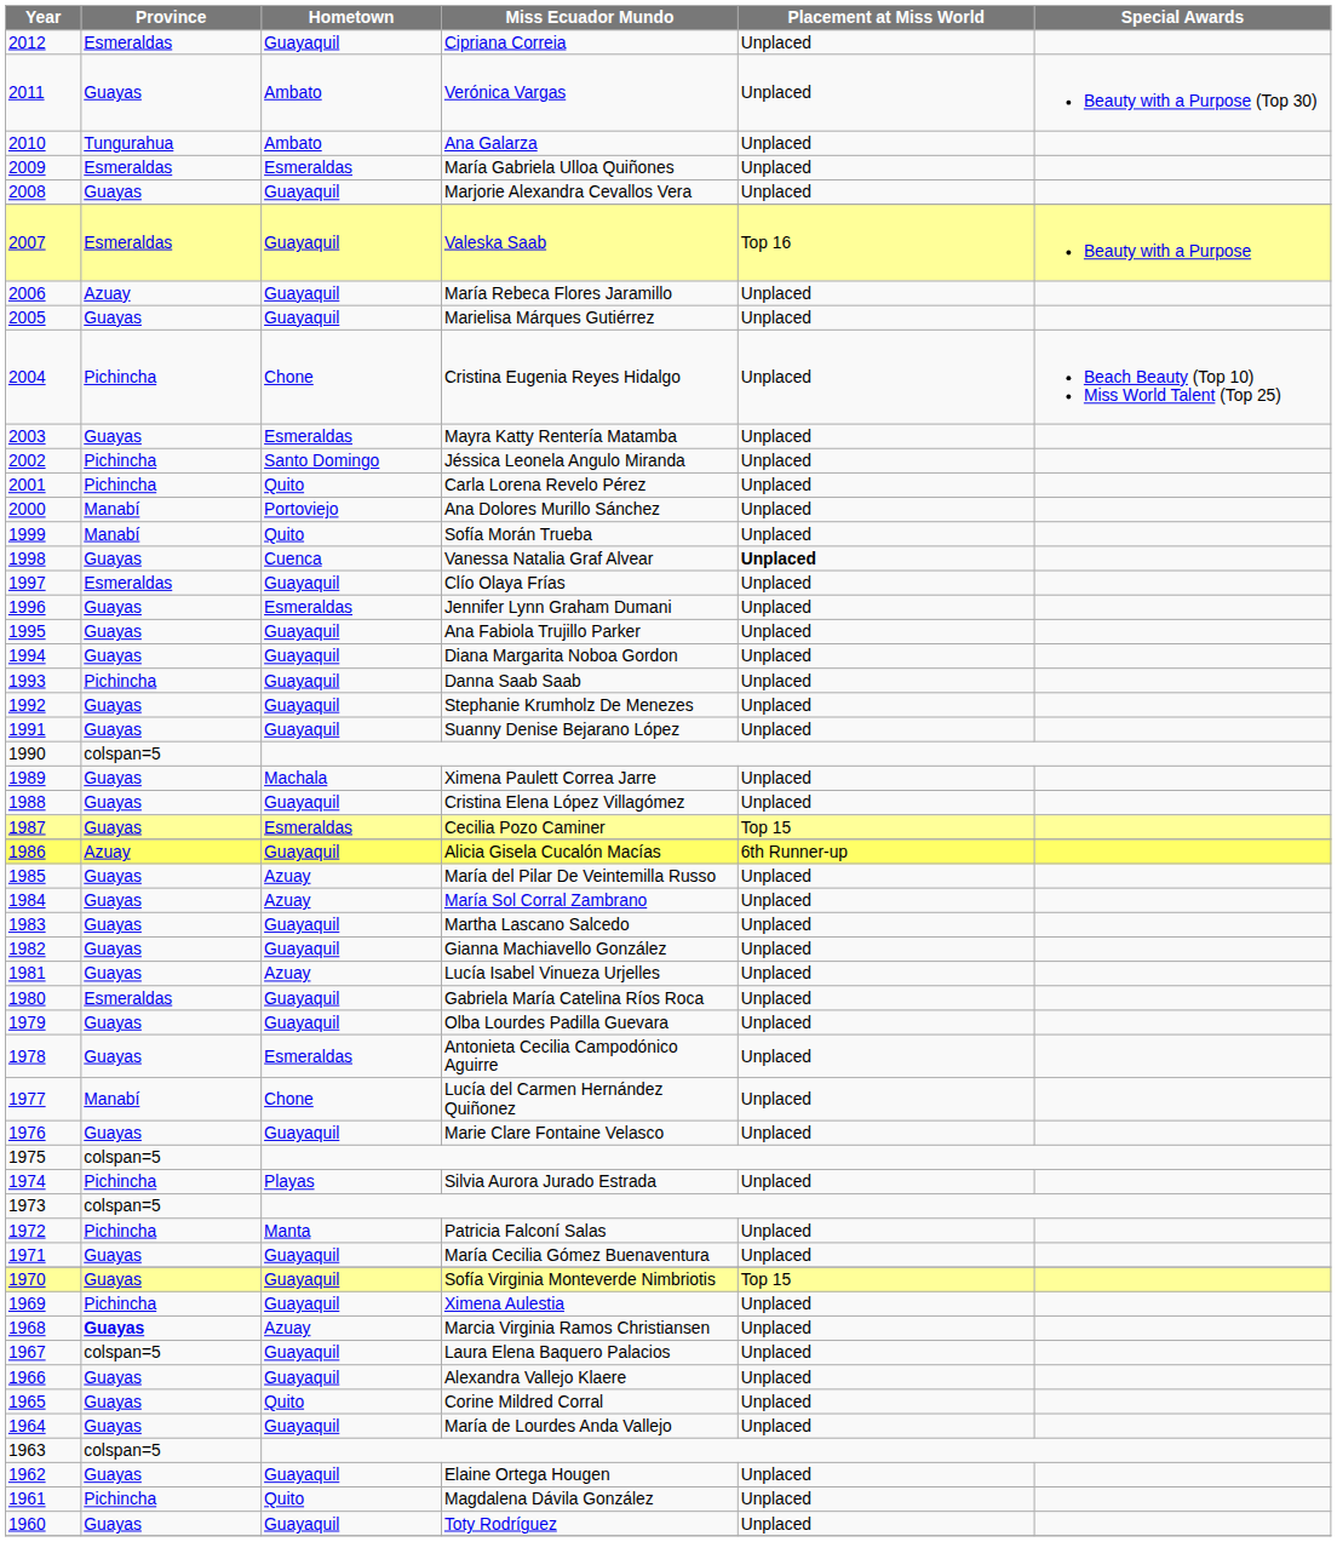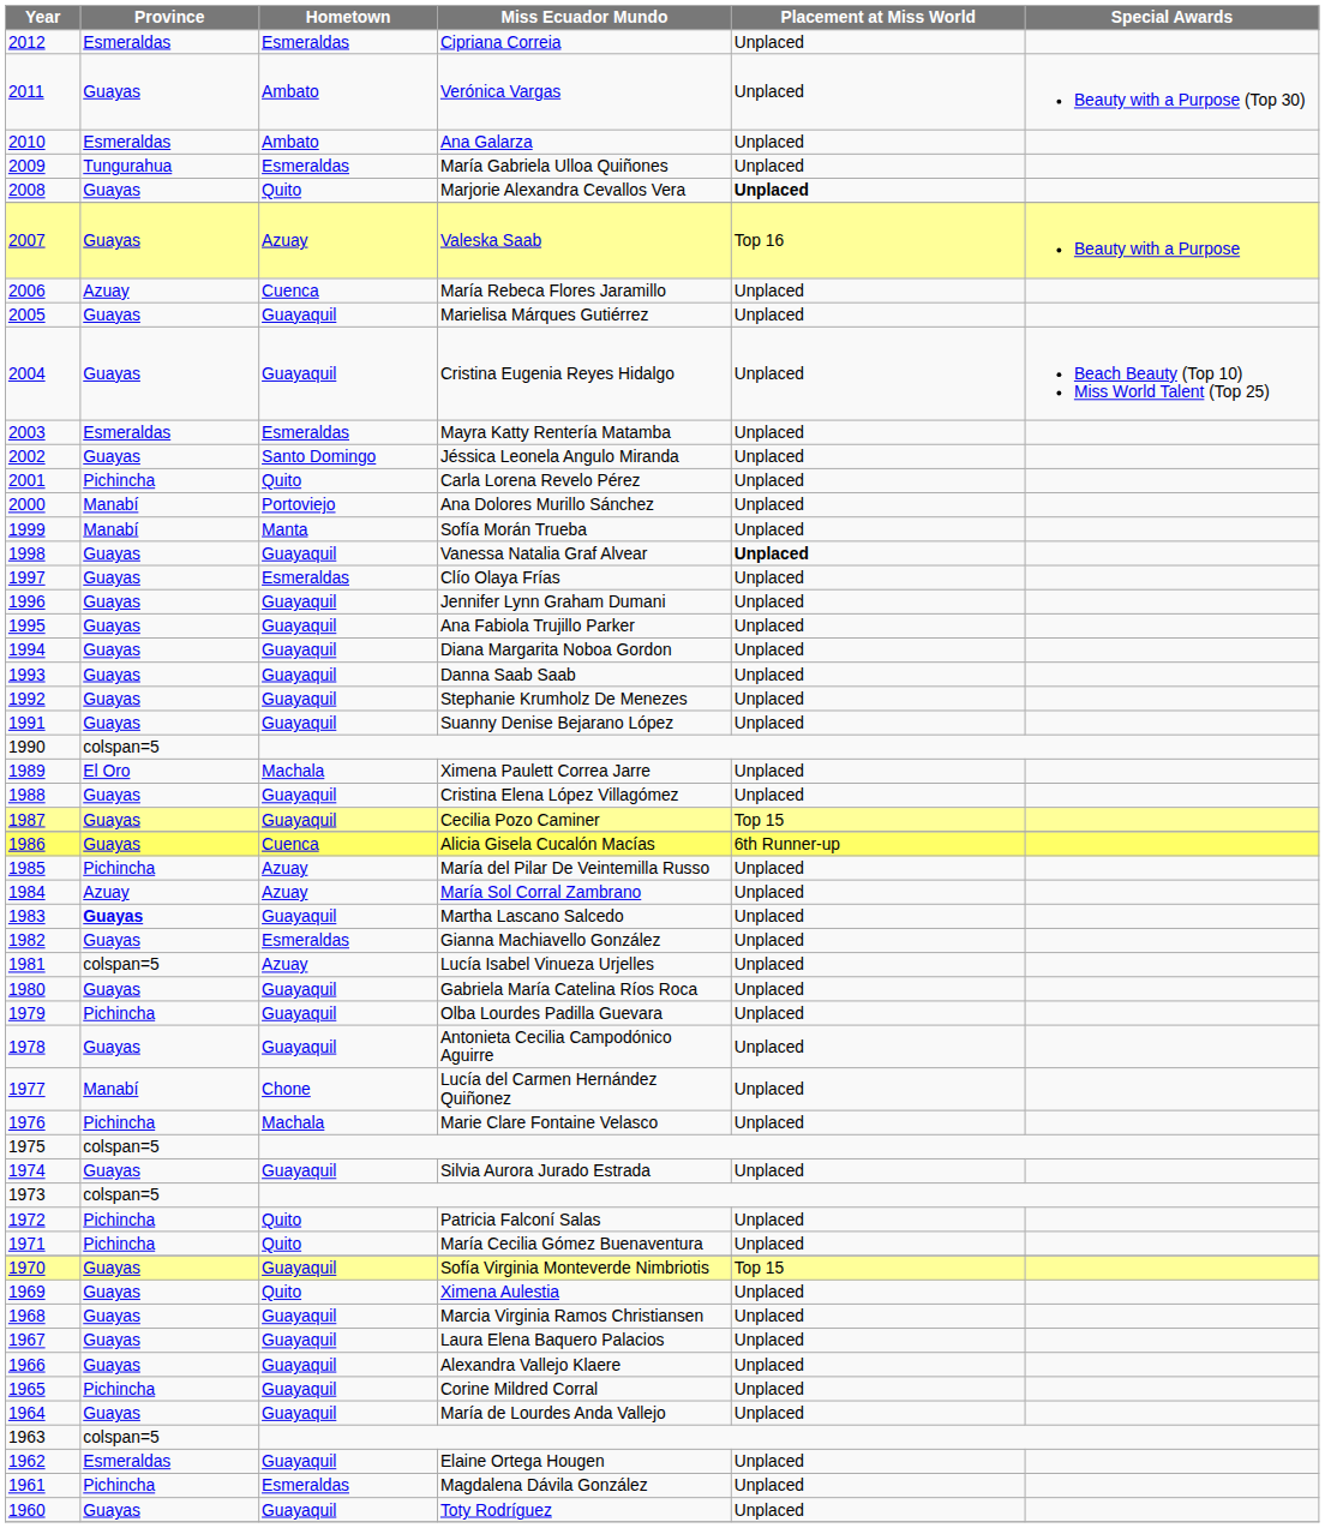 <table class="sortable" border="5" cellpadding="2" cellspacing="0" align=" 0 1em 0 0" style="background: #f9f9f9; border: 1px #aaa solid; border-collapse: collapse; font-size: 90%">
 <tr>
 <th width="60" style="background-color:#787878;color:#FFFFFF;">Year</th>
 <th width="150" style="background-color:#787878;color:#FFFFFF;">Province</th>
 <th width="150" style="background-color:#787878;color:#FFFFFF;">Hometown</th>
 <th width="250" style="background-color:#787878;color:#FFFFFF;">Miss Ecuador Mundo</th>
 <th width="250" style="background-color:#787878;color:#FFFFFF;">Placement at Miss World</th>
 <th width="250" style="background-color:#787878;color:#FFFFFF;">Special Awards</th>
 </tr>
 <tr>
 <td><a href='#'>2012</a></td>
 <td><a href='#'>Esmeraldas</a></td>
-<td><a href='#'>Guayaquil</a></td>
+<td><a href='#'>Esmeraldas</a></td>
 <td><a href='#'>Cipriana Correia</a></td>
 <td>Unplaced</td>
 <td></td>
 </tr>
 <tr>
 <td><a href='#'>2011</a></td>
 <td><a href='#'>Guayas</a></td>
 <td><a href='#'>Ambato</a></td>
 <td><a href='#'>Verónica Vargas</a></td>
 <td>Unplaced</td>
 <td align="left"><br><ul><li><a href='#'>Beauty with a Purpose</a> (Top 30)</li></ul></td>
 </tr>
 <tr>
 <td><a href='#'>2010</a></td>
-<td><a href='#'>Tungurahua</a></td>
+<td><a href='#'>Esmeraldas</a></td>
 <td><a href='#'>Ambato</a></td>
 <td><a href='#'>Ana Galarza</a></td>
 <td>Unplaced</td>
 <td></td>
 </tr>
 <tr>
 <td><a href='#'>2009</a></td>
-<td><a href='#'>Esmeraldas</a></td>
+<td><a href='#'>Tungurahua</a></td>
 <td><a href='#'>Esmeraldas</a></td>
 <td>María Gabriela Ulloa Quiñones</td>
 <td>Unplaced</td>
 <td></td>
 </tr>
 <tr>
 <td><a href='#'>2008</a></td>
 <td><a href='#'>Guayas</a></td>
-<td><a href='#'>Guayaquil</a></td>
+<td><a href='#'>Quito</a></td>
 <td>Marjorie Alexandra Cevallos Vera</td>
-<td>Unplaced</td>
+<td><strong>Unplaced</strong></td>
 <td></td>
 </tr>
 <tr>
 </tr>
 <tr style="background-color:#FFFF99;">
 <td><a href='#'>2007</a></td>
-<td><a href='#'>Esmeraldas</a></td>
-<td><a href='#'>Guayaquil</a></td>
+<td><a href='#'>Guayas</a></td>
+<td><a href='#'>Azuay</a></td>
 <td><a href='#'>Valeska Saab</a></td>
 <td>Top 16</td>
 <td align="left"><br><ul><li><a href='#'>Beauty with a Purpose</a></li></ul></td>
 </tr>
 <tr>
 <td><a href='#'>2006</a></td>
 <td><a href='#'>Azuay</a></td>
-<td><a href='#'>Guayaquil</a></td>
+<td><a href='#'>Cuenca</a></td>
 <td>María Rebeca Flores Jaramillo</td>
 <td>Unplaced</td>
 <td></td>
 </tr>
 <tr>
 <td><a href='#'>2005</a></td>
 <td><a href='#'>Guayas</a></td>
 <td><a href='#'>Guayaquil</a></td>
 <td>Marielisa Márques Gutiérrez</td>
 <td>Unplaced</td>
 <td></td>
 </tr>
 <tr>
 <td><a href='#'>2004</a></td>
-<td><a href='#'>Pichincha</a></td>
-<td><a href='#'>Chone</a></td>
+<td><a href='#'>Guayas</a></td>
+<td><a href='#'>Guayaquil</a></td>
 <td>Cristina Eugenia Reyes Hidalgo</td>
 <td>Unplaced</td>
 <td align="left"><br><ul><li><a href='#'>Beach Beauty</a> (Top 10)</li><li><a href='#'>Miss World Talent</a> (Top 25)</li></ul></td>
 </tr>
 <tr>
 <td><a href='#'>2003</a></td>
-<td><a href='#'>Guayas</a></td>
+<td><a href='#'>Esmeraldas</a></td>
 <td><a href='#'>Esmeraldas</a></td>
 <td>Mayra Katty Rentería Matamba</td>
 <td>Unplaced</td>
 <td></td>
 </tr>
 <tr>
 <td><a href='#'>2002</a></td>
-<td><a href='#'>Pichincha</a></td>
+<td><a href='#'>Guayas</a></td>
 <td><a href='#'>Santo Domingo</a></td>
 <td>Jéssica Leonela Angulo Miranda</td>
 <td>Unplaced</td>
 <td></td>
 </tr>
 <tr>
 <td><a href='#'>2001</a></td>
 <td><a href='#'>Pichincha</a></td>
 <td><a href='#'>Quito</a></td>
 <td>Carla Lorena Revelo Pérez</td>
 <td>Unplaced</td>
 <td></td>
 </tr>
 <tr>
 <td><a href='#'>2000</a></td>
 <td><a href='#'>Manabí</a></td>
 <td><a href='#'>Portoviejo</a></td>
 <td>Ana Dolores Murillo Sánchez</td>
 <td>Unplaced</td>
 <td></td>
 </tr>
 <tr>
 <td><a href='#'>1999</a></td>
 <td><a href='#'>Manabí</a></td>
-<td><a href='#'>Quito</a></td>
+<td><a href='#'>Manta</a></td>
 <td>Sofía Morán Trueba</td>
 <td>Unplaced</td>
 <td></td>
 </tr>
 <tr>
 <td><a href='#'>1998</a></td>
 <td><a href='#'>Guayas</a></td>
-<td><a href='#'>Cuenca</a></td>
+<td><a href='#'>Guayaquil</a></td>
 <td>Vanessa Natalia Graf Alvear</td>
 <td><strong>Unplaced</strong></td>
 <td></td>
 </tr>
 <tr>
 <td><a href='#'>1997</a></td>
+<td><a href='#'>Guayas</a></td>
 <td><a href='#'>Esmeraldas</a></td>
-<td><a href='#'>Guayaquil</a></td>
 <td>Clío Olaya Frías</td>
 <td>Unplaced</td>
 <td></td>
 </tr>
 <tr>
 <td><a href='#'>1996</a></td>
 <td><a href='#'>Guayas</a></td>
-<td><a href='#'>Esmeraldas</a></td>
+<td><a href='#'>Guayaquil</a></td>
 <td>Jennifer Lynn Graham Dumani</td>
 <td>Unplaced</td>
 <td></td>
 </tr>
 <tr>
 <td><a href='#'>1995</a></td>
 <td><a href='#'>Guayas</a></td>
 <td><a href='#'>Guayaquil</a></td>
 <td>Ana Fabiola Trujillo Parker</td>
 <td>Unplaced</td>
 <td></td>
 </tr>
 <tr>
 <td><a href='#'>1994</a></td>
 <td><a href='#'>Guayas</a></td>
 <td><a href='#'>Guayaquil</a></td>
 <td>Diana Margarita Noboa Gordon</td>
 <td>Unplaced</td>
 <td></td>
 </tr>
 <tr>
 <td><a href='#'>1993</a></td>
-<td><a href='#'>Pichincha</a></td>
+<td><a href='#'>Guayas</a></td>
 <td><a href='#'>Guayaquil</a></td>
 <td>Danna Saab Saab</td>
 <td>Unplaced</td>
 <td></td>
 </tr>
 <tr>
 <td><a href='#'>1992</a></td>
 <td><a href='#'>Guayas</a></td>
 <td><a href='#'>Guayaquil</a></td>
 <td>Stephanie Krumholz De Menezes</td>
 <td>Unplaced</td>
 <td></td>
 </tr>
 <tr>
 <td><a href='#'>1991</a></td>
 <td><a href='#'>Guayas</a></td>
 <td><a href='#'>Guayaquil</a></td>
 <td>Suanny Denise Bejarano López</td>
 <td>Unplaced</td>
 <td></td>
 </tr>
 <tr>
 <td>1990</td>
 <td>colspan=5 </td>
 </tr>
 <tr>
 <td><a href='#'>1989</a></td>
-<td><a href='#'>Guayas</a></td>
+<td><a href='#'>El Oro</a></td>
 <td><a href='#'>Machala</a></td>
 <td>Ximena Paulett Correa Jarre</td>
 <td>Unplaced</td>
 <td></td>
 </tr>
 <tr>
 <td><a href='#'>1988</a></td>
 <td><a href='#'>Guayas</a></td>
 <td><a href='#'>Guayaquil</a></td>
 <td>Cristina Elena López Villagómez</td>
 <td>Unplaced</td>
 <td></td>
 </tr>
 <tr style="background-color:#FFFF99;">
 <td><a href='#'>1987</a></td>
 <td><a href='#'>Guayas</a></td>
-<td><a href='#'>Esmeraldas</a></td>
+<td><a href='#'>Guayaquil</a></td>
 <td>Cecilia Pozo Caminer</td>
 <td>Top 15</td>
 <td></td>
 </tr>
 <tr>
 </tr>
 <tr style="background-color:#FFFF66;">
 <td><a href='#'>1986</a></td>
-<td><a href='#'>Azuay</a></td>
-<td><a href='#'>Guayaquil</a></td>
+<td><a href='#'>Guayas</a></td>
+<td><a href='#'>Cuenca</a></td>
 <td>Alicia Gisela Cucalón Macías</td>
 <td>6th Runner-up</td>
 <td></td>
 </tr>
 <tr>
 <td><a href='#'>1985</a></td>
-<td><a href='#'>Guayas</a></td>
+<td><a href='#'>Pichincha</a></td>
 <td><a href='#'>Azuay</a></td>
 <td>María del Pilar De Veintemilla Russo</td>
 <td>Unplaced</td>
 <td></td>
 </tr>
 <tr>
 <td><a href='#'>1984</a></td>
-<td><a href='#'>Guayas</a></td>
+<td><a href='#'>Azuay</a></td>
 <td><a href='#'>Azuay</a></td>
 <td><a href='#'>María Sol Corral Zambrano</a></td>
 <td>Unplaced</td>
 <td></td>
 </tr>
 <tr>
 <td><a href='#'>1983</a></td>
-<td><a href='#'>Guayas</a></td>
+<td><strong><a href='#'>Guayas</a></strong></td>
 <td><a href='#'>Guayaquil</a></td>
 <td>Martha Lascano Salcedo</td>
 <td>Unplaced</td>
 <td></td>
 </tr>
 <tr>
 <td><a href='#'>1982</a></td>
 <td><a href='#'>Guayas</a></td>
-<td><a href='#'>Guayaquil</a></td>
+<td><a href='#'>Esmeraldas</a></td>
 <td>Gianna Machiavello González</td>
 <td>Unplaced</td>
 <td></td>
 </tr>
 <tr>
 <td><a href='#'>1981</a></td>
-<td><a href='#'>Guayas</a></td>
+<td>colspan=5 </td>
 <td><a href='#'>Azuay</a></td>
 <td>Lucía Isabel Vinueza Urjelles</td>
 <td>Unplaced</td>
 <td></td>
 </tr>
 <tr>
 <td><a href='#'>1980</a></td>
-<td><a href='#'>Esmeraldas</a></td>
+<td><a href='#'>Guayas</a></td>
 <td><a href='#'>Guayaquil</a></td>
 <td>Gabriela María Catelina Ríos Roca</td>
 <td>Unplaced</td>
 <td></td>
 </tr>
 <tr>
 <td><a href='#'>1979</a></td>
-<td><a href='#'>Guayas</a></td>
+<td><a href='#'>Pichincha</a></td>
 <td><a href='#'>Guayaquil</a></td>
 <td>Olba Lourdes Padilla Guevara</td>
 <td>Unplaced</td>
 <td></td>
 </tr>
 <tr>
 <td><a href='#'>1978</a></td>
 <td><a href='#'>Guayas</a></td>
-<td><a href='#'>Esmeraldas</a></td>
+<td><a href='#'>Guayaquil</a></td>
 <td>Antonieta Cecilia Campodónico Aguirre</td>
 <td>Unplaced</td>
 <td></td>
 </tr>
 <tr>
 <td><a href='#'>1977</a></td>
 <td><a href='#'>Manabí</a></td>
 <td><a href='#'>Chone</a></td>
 <td>Lucía del Carmen Hernández Quiñonez</td>
 <td>Unplaced</td>
 <td></td>
 </tr>
 <tr>
 <td><a href='#'>1976</a></td>
-<td><a href='#'>Guayas</a></td>
-<td><a href='#'>Guayaquil</a></td>
+<td><a href='#'>Pichincha</a></td>
+<td><a href='#'>Machala</a></td>
 <td>Marie Clare Fontaine Velasco</td>
 <td>Unplaced</td>
 <td></td>
 </tr>
 <tr>
 <td>1975</td>
 <td>colspan=5 </td>
 </tr>
 <tr>
 <td><a href='#'>1974</a></td>
-<td><a href='#'>Pichincha</a></td>
-<td><a href='#'>Playas</a></td>
+<td><a href='#'>Guayas</a></td>
+<td><a href='#'>Guayaquil</a></td>
 <td>Silvia Aurora Jurado Estrada</td>
 <td>Unplaced</td>
 <td></td>
 </tr>
 <tr>
 <td>1973</td>
 <td>colspan=5 </td>
 </tr>
 <tr>
 <td><a href='#'>1972</a></td>
 <td><a href='#'>Pichincha</a></td>
-<td><a href='#'>Manta</a></td>
+<td><a href='#'>Quito</a></td>
 <td>Patricia Falconí Salas</td>
 <td>Unplaced</td>
 <td></td>
 </tr>
 <tr>
 <td><a href='#'>1971</a></td>
-<td><a href='#'>Guayas</a></td>
-<td><a href='#'>Guayaquil</a></td>
+<td><a href='#'>Pichincha</a></td>
+<td><a href='#'>Quito</a></td>
 <td>María Cecilia Gómez Buenaventura</td>
 <td>Unplaced</td>
 <td></td>
 </tr>
 <tr>
 </tr>
 <tr style="background-color:#FFFF99; ">
 <td><a href='#'>1970</a></td>
 <td><a href='#'>Guayas</a></td>
 <td><a href='#'>Guayaquil</a></td>
 <td>Sofía Virginia Monteverde Nimbriotis</td>
 <td>Top 15</td>
 <td></td>
 </tr>
 <tr>
 <td><a href='#'>1969</a></td>
-<td><a href='#'>Pichincha</a></td>
-<td><a href='#'>Guayaquil</a></td>
+<td><a href='#'>Guayas</a></td>
+<td><a href='#'>Quito</a></td>
 <td><a href='#'>Ximena Aulestia</a></td>
 <td>Unplaced</td>
 <td></td>
 </tr>
 <tr>
 <td><a href='#'>1968</a></td>
-<td><strong><a href='#'>Guayas</a></strong></td>
-<td><a href='#'>Azuay</a></td>
+<td><a href='#'>Guayas</a></td>
+<td><a href='#'>Guayaquil</a></td>
 <td>Marcia Virginia Ramos Christiansen</td>
 <td>Unplaced</td>
 <td></td>
 </tr>
 <tr>
 <td><a href='#'>1967</a></td>
-<td>colspan=5 </td>
+<td><a href='#'>Guayas</a></td>
 <td><a href='#'>Guayaquil</a></td>
 <td>Laura Elena Baquero Palacios</td>
 <td>Unplaced</td>
 <td></td>
 </tr>
 <tr>
 <td><a href='#'>1966</a></td>
 <td><a href='#'>Guayas</a></td>
 <td><a href='#'>Guayaquil</a></td>
 <td>Alexandra Vallejo Klaere</td>
 <td>Unplaced</td>
 <td></td>
 </tr>
 <tr>
 <td><a href='#'>1965</a></td>
-<td><a href='#'>Guayas</a></td>
-<td><a href='#'>Quito</a></td>
+<td><a href='#'>Pichincha</a></td>
+<td><a href='#'>Guayaquil</a></td>
 <td>Corine Mildred Corral</td>
 <td>Unplaced</td>
 <td></td>
 </tr>
 <tr>
 <td><a href='#'>1964</a></td>
 <td><a href='#'>Guayas</a></td>
 <td><a href='#'>Guayaquil</a></td>
 <td>María de Lourdes Anda Vallejo</td>
 <td>Unplaced</td>
 <td></td>
 </tr>
 <tr>
 <td>1963</td>
 <td>colspan=5 </td>
 </tr>
 <tr>
 <td><a href='#'>1962</a></td>
-<td><a href='#'>Guayas</a></td>
+<td><a href='#'>Esmeraldas</a></td>
 <td><a href='#'>Guayaquil</a></td>
 <td>Elaine Ortega Hougen</td>
 <td>Unplaced</td>
 <td></td>
 </tr>
 <tr>
 <td><a href='#'>1961</a></td>
 <td><a href='#'>Pichincha</a></td>
-<td><a href='#'>Quito</a></td>
+<td><a href='#'>Esmeraldas</a></td>
 <td>Magdalena Dávila González</td>
 <td>Unplaced</td>
 <td></td>
 </tr>
 <tr>
 <td><a href='#'>1960</a></td>
 <td><a href='#'>Guayas</a></td>
 <td><a href='#'>Guayaquil</a></td>
 <td><a href='#'>Toty Rodríguez</a></td>
 <td>Unplaced</td>
 <td></td>
 </tr>
 <tr>
 </tr>
 </table>
